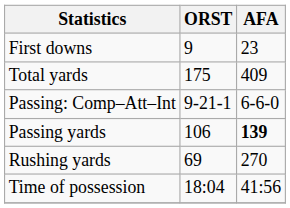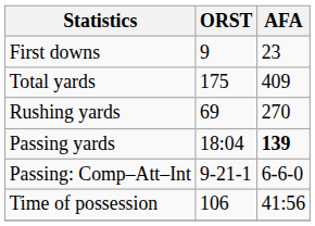 <table class="wikitable" style="float: left;">
 <tr>
 <th>Statistics</th>
 <th>ORST</th>
 <th>AFA</th>
 </tr>
 <tr>
 <td>First downs</td>
 <td>9</td>
 <td>23</td>
 </tr>
 <tr>
 <td>Total yards</td>
 <td>175</td>
 <td>409</td>
 </tr>
 <tr>
+<td>Rushing yards</td>
+<td>69</td>
+<td>270</td>
+</tr>
+<tr>
+<td>Passing yards</td>
+<td>18:04</td>
+<td><strong>139</strong></td>
+</tr>
+<tr>
 <td>Passing: Comp–Att–Int</td>
 <td>9-21-1</td>
 <td>6-6-0</td>
 </tr>
 <tr>
-<td>Passing yards</td>
+<td>Time of possession</td>
 <td>106</td>
-<td><strong>139</strong></td>
-</tr>
-<tr>
-<td>Rushing yards</td>
-<td>69</td>
-<td>270</td>
-</tr>
-<tr>
-<td>Time of possession</td>
-<td>18:04</td>
 <td>41:56</td>
 </tr>
 <tr>
 </tr>
 </table>
